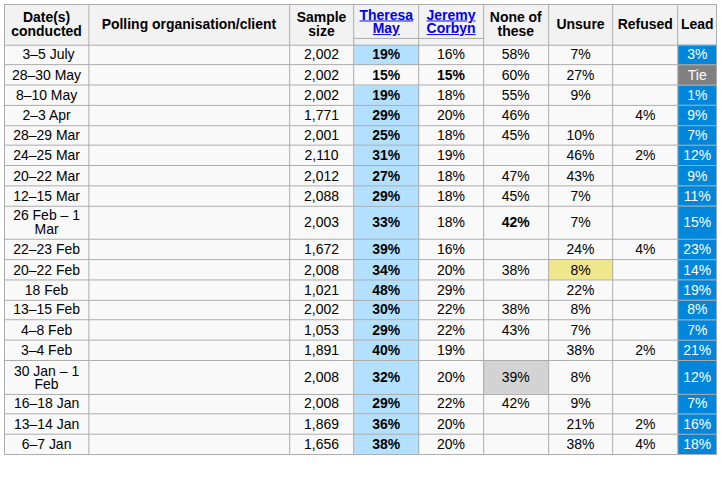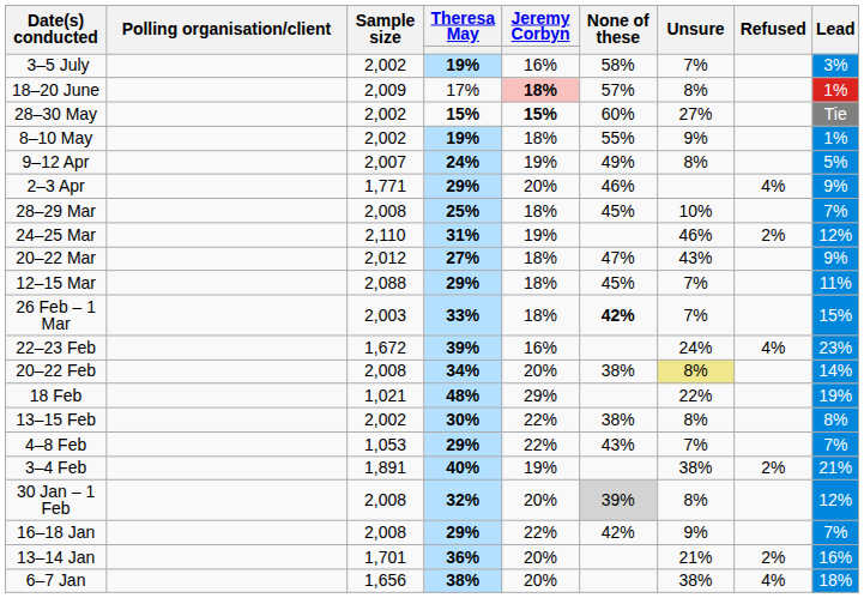 <table class="wikitable collapsible sortable" style="text-align:center;font-size:90%;line-height:14px">
 <tr>
 <th style="width:80px;" rowspan="2" class="unsortable">Date(s)<br>conducted</th>
 <th style="width:200px;" rowspan="2">Polling organisation/client</th>
 <th style="width:60px;" rowspan="2">Sample size</th>
 <th style="width:60px;" class="unsortable"><a href='#'>Theresa May</a></th>
 <th style="width:60px;" class="unsortable"><a href='#'>Jeremy Corbyn</a></th>
 <th style="width:60px;" rowspan="2" class="unsortable">None of these</th>
 <th style="width:60px;" rowspan="2" class="unsortable">Unsure</th>
 <th style="width:60px;" rowspan="2" class="unsortable">Refused</th>
 <th class="unsortable" style="width:20px;" rowspan="2">Lead</th>
 </tr>
 <tr>
 <th class="unsortable" style="color:inherit;background:"></th>
 <th class="unsortable" style="color:inherit;background:"></th>
 </tr>
 <tr>
 <td> 3–5 July</td>
 <td></td>
 <td>2,002</td>
 <td style="background:#B3E0FF"><strong>19%</strong></td>
 <td>16%</td>
 <td>58%</td>
 <td>7%</td>
 <td></td>
 <td style="background:#0087DC; color:white;">3%</td>
 </tr>
 <tr>
+<td>18–20 June</td>
+<td> </td>
+<td>2,009</td>
+<td>17%</td>
+<td style="background:#F8C1BE"><strong>18%</strong></td>
+<td>57%</td>
+<td>8%</td>
+<td></td>
+<td style="background:#DC241f; color:white;">1%</td>
+</tr>
+<tr>
 <td>28–30 May</td>
 <td> </td>
 <td>2,002</td>
 <td><strong>15%</strong></td>
 <td><strong>15%</strong></td>
 <td>60%</td>
 <td>27%</td>
 <td></td>
 <td style="background:gray; color:white;">Tie</td>
 </tr>
 <tr>
 <td>8–10 May</td>
 <td> </td>
 <td>2,002</td>
 <td style="background:#B3E0FF"><strong>19%</strong></td>
 <td>18%</td>
 <td>55%</td>
 <td>9%</td>
 <td></td>
 <td style="background:#0087DC; color:white;">1%</td>
 </tr>
 <tr>
+<td>9–12 Apr</td>
+<td></td>
+<td>2,007</td>
+<td style="background:#B3E0FF"><strong>24%</strong></td>
+<td>19%</td>
+<td>49%</td>
+<td>8%</td>
+<td></td>
+<td style="background:#0087DC; color:white;">5%</td>
+</tr>
+<tr>
 <td>2–3 Apr</td>
 <td></td>
 <td>1,771</td>
 <td style="background:#B3E0FF"><strong>29%</strong></td>
 <td>20%</td>
 <td>46%</td>
 <td></td>
 <td>4%</td>
 <td style="background:#0087DC; color:white;">9%</td>
 </tr>
 <tr>
 <td>28–29 Mar</td>
 <td></td>
-<td>2,001</td>
+<td>2,008</td>
 <td style="background:#B3E0FF"><strong>25%</strong></td>
 <td>18%</td>
 <td>45%</td>
 <td>10%</td>
 <td></td>
 <td style="background:#0087DC; color:white;">7%</td>
 </tr>
 <tr>
 <td>24–25 Mar</td>
 <td></td>
 <td>2,110</td>
 <td style="background:#B3E0FF"><strong>31%</strong></td>
 <td>19%</td>
 <td></td>
 <td>46%</td>
 <td>2%</td>
 <td style="background:#0087DC; color:white;">12%</td>
 </tr>
 <tr>
 <td>20–22 Mar</td>
 <td></td>
 <td>2,012</td>
 <td style="background:#B3E0FF"><strong>27%</strong></td>
 <td>18%</td>
 <td>47%</td>
 <td>43%</td>
 <td></td>
 <td style="background:#0087DC; color:white;">9%</td>
 </tr>
 <tr>
 <td>12–15 Mar</td>
 <td> </td>
 <td>2,088</td>
 <td style="background:#B3E0FF"><strong>29%</strong></td>
 <td>18%</td>
 <td>45%</td>
 <td>7%</td>
 <td></td>
 <td style="background:#0087DC; color:white;">11%</td>
 </tr>
 <tr>
 <td>26 Feb – 1 Mar</td>
 <td> </td>
 <td>2,003</td>
 <td style="background:#B3E0FF"><strong>33%</strong></td>
 <td>18%</td>
 <td><strong>42%</strong></td>
 <td>7%</td>
 <td></td>
 <td style="background:#0087DC; color:white;">15%</td>
 </tr>
 <tr>
 <td>22–23 Feb</td>
 <td></td>
 <td>1,672</td>
 <td style="background:#B3E0FF"><strong>39%</strong></td>
 <td>16%</td>
 <td></td>
 <td>24%</td>
 <td>4%</td>
 <td style="background:#0087DC; color:white;">23%</td>
 </tr>
 <tr>
 <td>20–22 Feb</td>
 <td> </td>
 <td>2,008</td>
 <td style="background:#B3E0FF"><strong>34%</strong></td>
 <td>20%</td>
 <td>38%</td>
 <td style="background: khaki;">8%</td>
 <td></td>
 <td style="background:#0087DC; color:white;">14%</td>
 </tr>
 <tr>
 <td>18 Feb</td>
 <td></td>
 <td>1,021</td>
 <td style="background:#B3E0FF"><strong>48%</strong></td>
 <td>29%</td>
 <td></td>
 <td>22%</td>
 <td></td>
 <td style="background:#0087DC; color:white;">19%</td>
 </tr>
 <tr>
 <td>13–15 Feb</td>
 <td> </td>
 <td>2,002</td>
 <td style="background:#B3E0FF"><strong>30%</strong></td>
 <td>22%</td>
 <td>38%</td>
 <td>8%</td>
 <td></td>
 <td style="background:#0087DC; color:white;">8%</td>
 </tr>
 <tr>
 <td>4–8 Feb</td>
 <td></td>
 <td>1,053</td>
 <td style="background:#B3E0FF"><strong>29%</strong></td>
 <td>22%</td>
 <td>43%</td>
 <td>7%</td>
 <td></td>
 <td style="background:#0087DC; color:white;">7%</td>
 </tr>
 <tr>
 <td>3–4 Feb</td>
 <td></td>
 <td>1,891</td>
 <td style="background:#B3E0FF"><strong>40%</strong></td>
 <td>19%</td>
 <td></td>
 <td>38%</td>
 <td>2%</td>
 <td style="background:#0087DC; color:white;">21%</td>
 </tr>
 <tr>
 <td>30 Jan – 1 Feb</td>
 <td></td>
 <td>2,008</td>
 <td style="background:#B3E0FF"><strong>32%</strong></td>
 <td>20%</td>
 <td style="background: lightgrey;">39%</td>
 <td>8%</td>
 <td></td>
 <td style="background:#0087DC; color:white;">12%</td>
 </tr>
 <tr>
 <td>16–18 Jan</td>
 <td></td>
 <td>2,008</td>
 <td style="background:#B3E0FF"><strong>29%</strong></td>
 <td>22%</td>
 <td>42%</td>
 <td>9%</td>
 <td></td>
 <td style="background:#0087DC; color:white;">7%</td>
 </tr>
 <tr>
 <td>13–14 Jan</td>
 <td></td>
-<td>1,869</td>
+<td>1,701</td>
 <td style="background:#B3E0FF"><strong>36%</strong></td>
 <td>20%</td>
 <td></td>
 <td>21%</td>
 <td>2%</td>
 <td style="background:#0087DC; color:white;">16%</td>
 </tr>
 <tr>
 <td>6–7 Jan</td>
 <td></td>
 <td>1,656</td>
 <td style="background:#B3E0FF"><strong>38%</strong></td>
 <td>20%</td>
 <td></td>
 <td>38%</td>
 <td>4%</td>
 <td style="background:#0087DC; color:white;">18%</td>
 </tr>
 </table>
